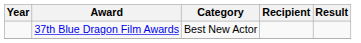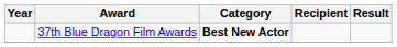 <table class="wikitable">
 <tr>
 <th>Year</th>
 <th>Award</th>
 <th>Category</th>
 <th>Recipient</th>
 <th>Result</th>
 </tr>
 <tr>
 <td></td>
 <td><a href='#'>37th Blue Dragon Film Awards</a></td>
-<td>Best New Actor</td>
+<td><strong>Best New Actor</strong></td>
 <td></td>
 <td></td>
 </tr>
 <tr>
 </tr>
 </table>
